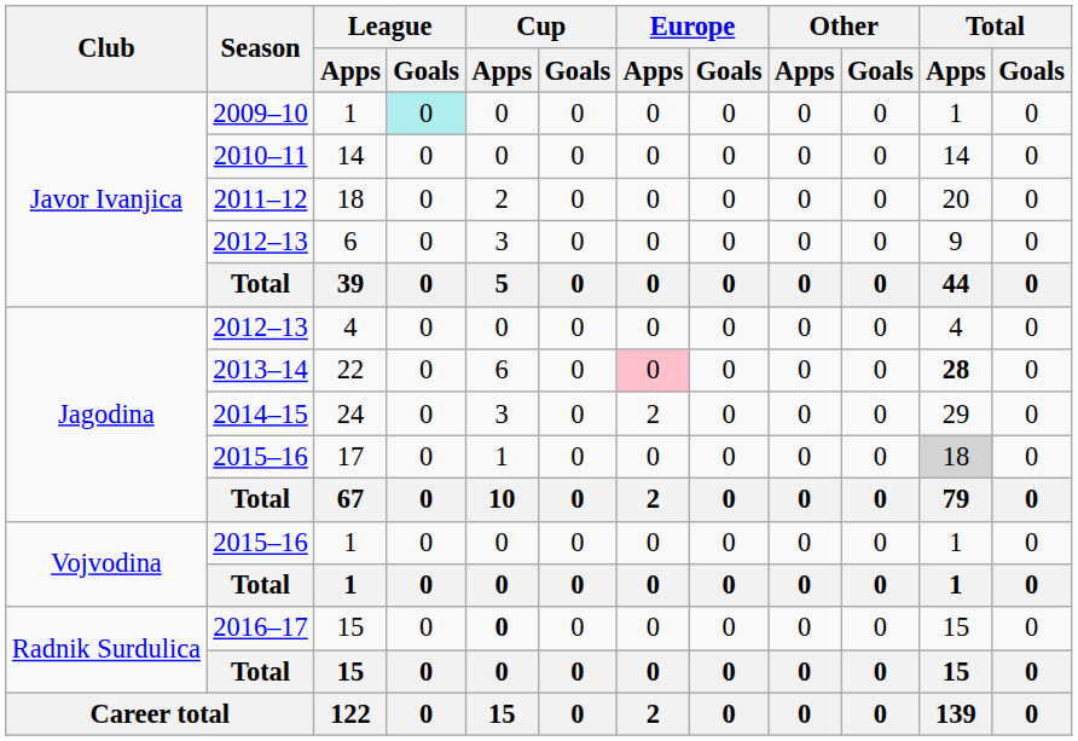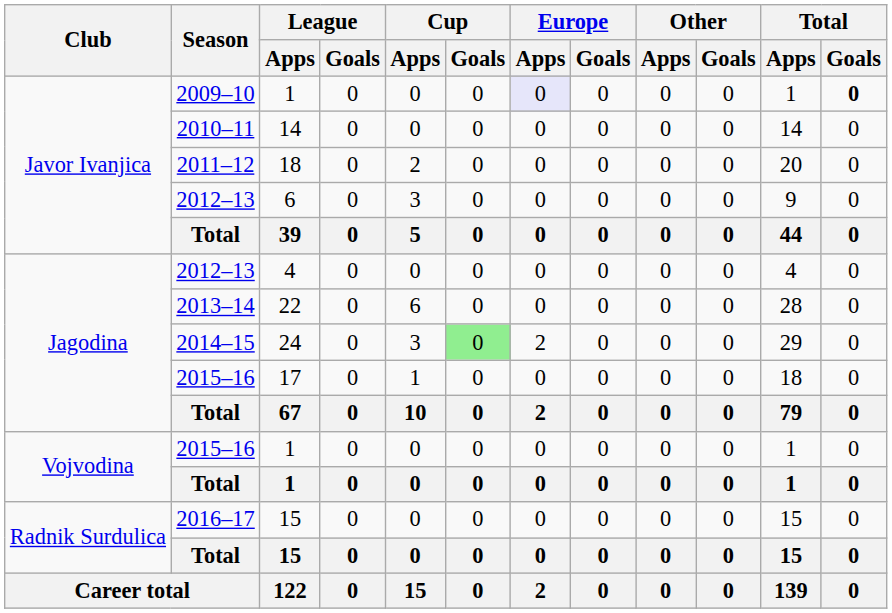 <table class="wikitable" style="text-align: center;">
 <tr>
 <th rowspan="2">Club</th>
 <th rowspan="2">Season</th>
 <th colspan="2">League</th>
 <th colspan="2">Cup</th>
 <th colspan="2"><a href='#'>Europe</a></th>
 <th colspan="2">Other</th>
 <th colspan="2">Total</th>
 </tr>
 <tr>
 <th>Apps</th>
 <th>Goals</th>
 <th>Apps</th>
 <th>Goals</th>
 <th>Apps</th>
 <th>Goals</th>
 <th>Apps</th>
 <th>Goals</th>
 <th>Apps</th>
 <th>Goals</th>
 </tr>
 <tr>
 <td rowspan="5"><a href='#'>Javor Ivanjica</a></td>
 <td><a href='#'>2009–10</a></td>
 <td>1</td>
-<td style="background: paleturquoise;">0</td>
 <td>0</td>
 <td>0</td>
 <td>0</td>
+<td style="background: lavender;">0</td>
 <td>0</td>
 <td>0</td>
 <td>0</td>
 <td>1</td>
-<td>0</td>
+<td><strong>0</strong></td>
 </tr>
 <tr>
 <td><a href='#'>2010–11</a></td>
 <td>14</td>
 <td>0</td>
 <td>0</td>
 <td>0</td>
 <td>0</td>
 <td>0</td>
 <td>0</td>
 <td>0</td>
 <td>14</td>
 <td>0</td>
 </tr>
 <tr>
 <td><a href='#'>2011–12</a></td>
 <td>18</td>
 <td>0</td>
 <td>2</td>
 <td>0</td>
 <td>0</td>
 <td>0</td>
 <td>0</td>
 <td>0</td>
 <td>20</td>
 <td>0</td>
 </tr>
 <tr>
 <td><a href='#'>2012–13</a></td>
 <td>6</td>
 <td>0</td>
 <td>3</td>
 <td>0</td>
 <td>0</td>
 <td>0</td>
 <td>0</td>
 <td>0</td>
 <td>9</td>
 <td>0</td>
 </tr>
 <tr>
 <th>Total</th>
 <th>39</th>
 <th>0</th>
 <th>5</th>
 <th>0</th>
 <th>0</th>
 <th>0</th>
 <th>0</th>
 <th>0</th>
 <th>44</th>
 <th>0</th>
 </tr>
 <tr>
 <td rowspan="5"><a href='#'>Jagodina</a></td>
 <td><a href='#'>2012–13</a></td>
 <td>4</td>
 <td>0</td>
 <td>0</td>
 <td>0</td>
 <td>0</td>
 <td>0</td>
 <td>0</td>
 <td>0</td>
 <td>4</td>
 <td>0</td>
 </tr>
 <tr>
 <td><a href='#'>2013–14</a></td>
 <td>22</td>
 <td>0</td>
 <td>6</td>
 <td>0</td>
-<td style="background: pink;">0</td>
 <td>0</td>
 <td>0</td>
 <td>0</td>
-<td><strong>28</strong></td>
+<td>0</td>
+<td>28</td>
 <td>0</td>
 </tr>
 <tr>
 <td><a href='#'>2014–15</a></td>
 <td>24</td>
 <td>0</td>
 <td>3</td>
-<td>0</td>
+<td style="background: lightgreen;">0</td>
 <td>2</td>
 <td>0</td>
 <td>0</td>
 <td>0</td>
 <td>29</td>
 <td>0</td>
 </tr>
 <tr>
 <td><a href='#'>2015–16</a></td>
 <td>17</td>
 <td>0</td>
 <td>1</td>
 <td>0</td>
 <td>0</td>
 <td>0</td>
 <td>0</td>
 <td>0</td>
-<td style="background: lightgrey;">18</td>
+<td>18</td>
 <td>0</td>
 </tr>
 <tr>
 <th>Total</th>
 <th>67</th>
 <th>0</th>
 <th>10</th>
 <th>0</th>
 <th>2</th>
 <th>0</th>
 <th>0</th>
 <th>0</th>
 <th>79</th>
 <th>0</th>
 </tr>
 <tr>
 <td rowspan="2"><a href='#'>Vojvodina</a></td>
 <td><a href='#'>2015–16</a></td>
 <td>1</td>
 <td>0</td>
 <td>0</td>
 <td>0</td>
 <td>0</td>
 <td>0</td>
 <td>0</td>
 <td>0</td>
 <td>1</td>
 <td>0</td>
 </tr>
 <tr>
 <th>Total</th>
 <th>1</th>
 <th>0</th>
 <th>0</th>
 <th>0</th>
 <th>0</th>
 <th>0</th>
 <th>0</th>
 <th>0</th>
 <th>1</th>
 <th>0</th>
 </tr>
 <tr>
 <td rowspan="2"><a href='#'>Radnik Surdulica</a></td>
 <td><a href='#'>2016–17</a></td>
 <td>15</td>
 <td>0</td>
-<td><strong>0</strong></td>
+<td>0</td>
 <td>0</td>
 <td>0</td>
 <td>0</td>
 <td>0</td>
 <td>0</td>
 <td>15</td>
 <td>0</td>
 </tr>
 <tr>
 <th>Total</th>
 <th>15</th>
 <th>0</th>
 <th>0</th>
 <th>0</th>
 <th>0</th>
 <th>0</th>
 <th>0</th>
 <th>0</th>
 <th>15</th>
 <th>0</th>
 </tr>
 <tr>
 <th colspan="2">Career total</th>
 <th>122</th>
 <th>0</th>
 <th>15</th>
 <th>0</th>
 <th>2</th>
 <th>0</th>
 <th>0</th>
 <th>0</th>
 <th>139</th>
 <th>0</th>
 </tr>
 </table>
